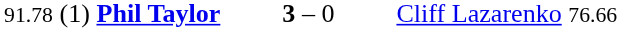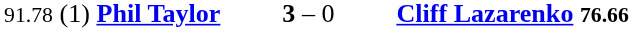 <table style="text-align:center">
 <tr>
 <th width=223></th>
 <th width=100></th>
 <th width=223></th>
 </tr>
 <tr>
 <td align=right><small>91.78</small> (1) <strong><a href='#'>Phil Taylor</a></strong> </td>
 <td><strong>3</strong> – 0</td>
-<td align=left> <a href='#'>Cliff Lazarenko</a> <small>76.66</small></td>
+<td align=left><strong> <a href='#'>Cliff Lazarenko</a> <small>76.66</small></strong></td>
 </tr>
 </table>
